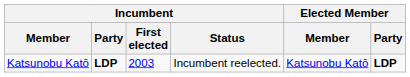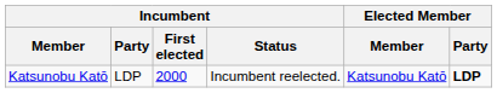 <table class="wikitable sortable">
 <tr>
 <th colspan=4>Incumbent</th>
 <th colspan=2>Elected Member</th>
 </tr>
 <tr>
 <th>Member</th>
 <th>Party</th>
 <th>First<br>elected</th>
 <th>Status</th>
 <th>Member</th>
 <th>Party</th>
 </tr>
 <tr>
 <td><a href='#'>Katsunobu Katō</a></td>
-<td><strong>LDP</strong></td>
-<td><a href='#'>2003</a></td>
+<td>LDP</td>
+<td><a href='#'>2000</a></td>
 <td>Incumbent reelected.</td>
 <td><a href='#'>Katsunobu Katō</a></td>
 <td><strong>LDP</strong></td>
 </tr>
 </table>
